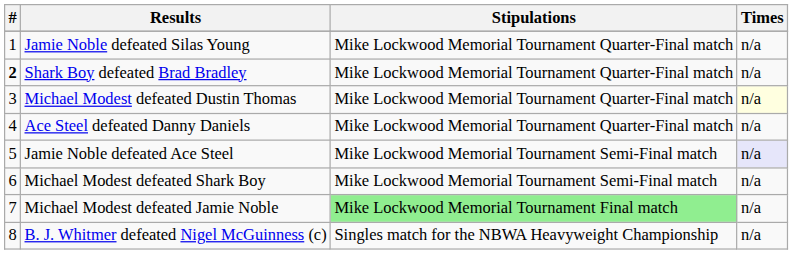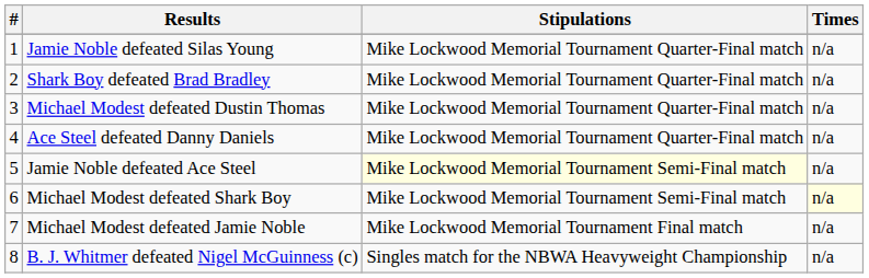 <table style="font-size: 85%" class="wikitable sortable">
 <tr>
 <th><strong>#</strong></th>
 <th><strong>Results</strong></th>
 <th><strong>Stipulations</strong></th>
 <th><strong>Times</strong></th>
 </tr>
 <tr>
 </tr>
 <tr>
 <td>1</td>
 <td><a href='#'>Jamie Noble</a> defeated Silas Young</td>
 <td>Mike Lockwood Memorial Tournament Quarter-Final match</td>
 <td>n/a</td>
 </tr>
 <tr>
-<td><strong>2</strong></td>
+<td>2</td>
 <td><a href='#'>Shark Boy</a> defeated <a href='#'>Brad Bradley</a></td>
 <td>Mike Lockwood Memorial Tournament Quarter-Final match</td>
 <td>n/a</td>
 </tr>
 <tr>
 <td>3</td>
 <td><a href='#'>Michael Modest</a> defeated Dustin Thomas</td>
 <td>Mike Lockwood Memorial Tournament Quarter-Final match</td>
-<td style="background: lightyellow;">n/a</td>
+<td>n/a</td>
 </tr>
 <tr>
 <td>4</td>
 <td><a href='#'>Ace Steel</a> defeated Danny Daniels</td>
 <td>Mike Lockwood Memorial Tournament Quarter-Final match</td>
 <td>n/a</td>
 </tr>
 <tr>
 <td>5</td>
 <td>Jamie Noble defeated Ace Steel</td>
-<td>Mike Lockwood Memorial Tournament Semi-Final match</td>
-<td style="background: lavender;">n/a</td>
+<td style="background: lightyellow;">Mike Lockwood Memorial Tournament Semi-Final match</td>
+<td>n/a</td>
 </tr>
 <tr>
 <td>6</td>
 <td>Michael Modest defeated Shark Boy</td>
 <td>Mike Lockwood Memorial Tournament Semi-Final match</td>
-<td>n/a</td>
+<td style="background: lightyellow;">n/a</td>
 </tr>
 <tr>
 <td>7</td>
 <td>Michael Modest defeated Jamie Noble</td>
-<td style="background: lightgreen;">Mike Lockwood Memorial Tournament Final match</td>
+<td>Mike Lockwood Memorial Tournament Final match</td>
 <td>n/a</td>
 </tr>
 <tr>
 <td>8</td>
 <td><a href='#'>B. J. Whitmer</a> defeated <a href='#'>Nigel McGuinness</a> (c)</td>
 <td>Singles match for the NBWA Heavyweight Championship</td>
 <td>n/a</td>
 </tr>
 </table>
